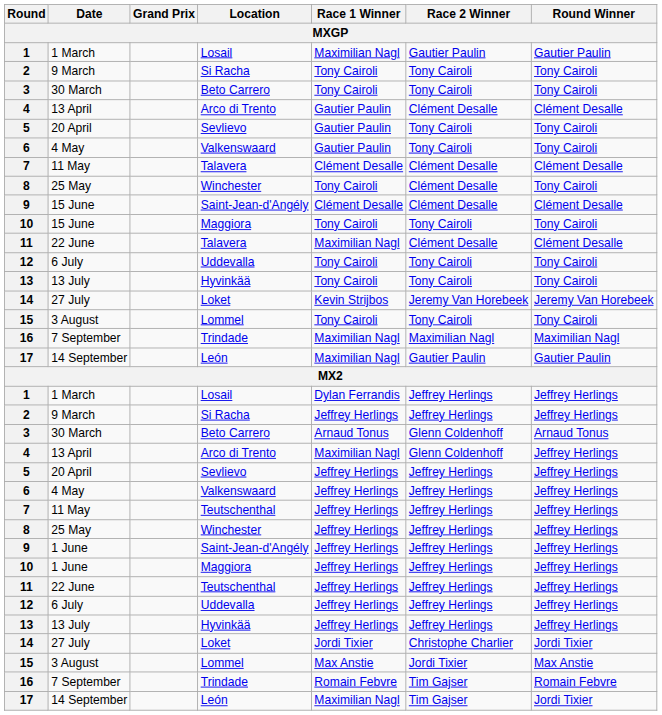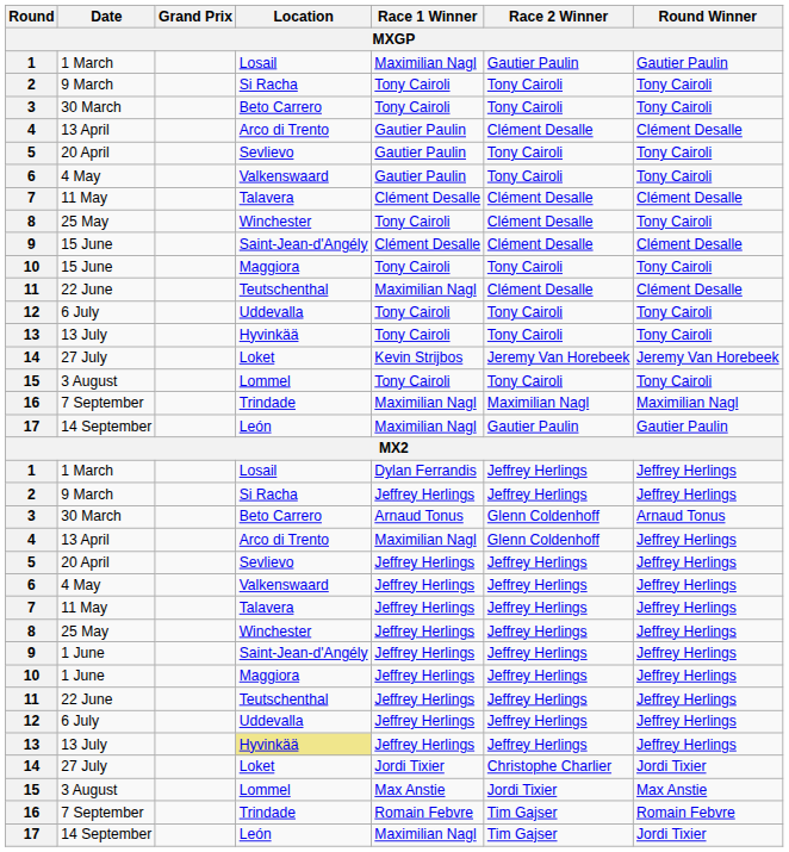 <table class="wikitable" style="font-size: 85%;">
 <tr>
 <th>Round</th>
 <th>Date</th>
 <th>Grand Prix</th>
 <th>Location</th>
 <th>Race 1 Winner</th>
 <th>Race 2 Winner</th>
 <th>Round Winner</th>
 </tr>
 <tr>
 <th colspan=7>MXGP</th>
 </tr>
 <tr>
 <th>1</th>
 <td>1 March</td>
 <td></td>
 <td><a href='#'>Losail</a></td>
 <td> <a href='#'>Maximilian Nagl</a></td>
 <td> <a href='#'>Gautier Paulin</a></td>
 <td> <a href='#'>Gautier Paulin</a></td>
 </tr>
 <tr>
 <th>2</th>
 <td>9 March</td>
 <td></td>
 <td><a href='#'>Si Racha</a></td>
 <td> <a href='#'>Tony Cairoli</a></td>
 <td> <a href='#'>Tony Cairoli</a></td>
 <td> <a href='#'>Tony Cairoli</a></td>
 </tr>
 <tr>
 <th>3</th>
 <td>30 March</td>
 <td></td>
 <td><a href='#'>Beto Carrero</a></td>
 <td> <a href='#'>Tony Cairoli</a></td>
 <td> <a href='#'>Tony Cairoli</a></td>
 <td> <a href='#'>Tony Cairoli</a></td>
 </tr>
 <tr>
 <th>4</th>
 <td>13 April</td>
 <td></td>
 <td><a href='#'>Arco di Trento</a></td>
 <td> <a href='#'>Gautier Paulin</a></td>
 <td> <a href='#'>Clément Desalle</a></td>
 <td> <a href='#'>Clément Desalle</a></td>
 </tr>
 <tr>
 <th>5</th>
 <td>20 April</td>
 <td></td>
 <td><a href='#'>Sevlievo</a></td>
 <td> <a href='#'>Gautier Paulin</a></td>
 <td> <a href='#'>Tony Cairoli</a></td>
 <td> <a href='#'>Tony Cairoli</a></td>
 </tr>
 <tr>
 <th>6</th>
 <td>4 May</td>
 <td></td>
 <td><a href='#'>Valkenswaard</a></td>
 <td> <a href='#'>Gautier Paulin</a></td>
 <td> <a href='#'>Tony Cairoli</a></td>
 <td> <a href='#'>Tony Cairoli</a></td>
 </tr>
 <tr>
 <th>7</th>
 <td>11 May</td>
 <td></td>
 <td><a href='#'>Talavera</a></td>
 <td> <a href='#'>Clément Desalle</a></td>
 <td> <a href='#'>Clément Desalle</a></td>
 <td> <a href='#'>Clément Desalle</a></td>
 </tr>
 <tr>
 <th>8</th>
 <td>25 May</td>
 <td></td>
 <td><a href='#'>Winchester</a></td>
 <td> <a href='#'>Tony Cairoli</a></td>
 <td> <a href='#'>Clément Desalle</a></td>
 <td> <a href='#'>Tony Cairoli</a></td>
 </tr>
 <tr>
 <th>9</th>
 <td>15 June</td>
 <td></td>
 <td><a href='#'>Saint-Jean-d'Angély</a></td>
 <td> <a href='#'>Clément Desalle</a></td>
 <td> <a href='#'>Clément Desalle</a></td>
 <td> <a href='#'>Clément Desalle</a></td>
 </tr>
 <tr>
 <th>10</th>
 <td>15 June</td>
 <td></td>
 <td><a href='#'>Maggiora</a></td>
 <td> <a href='#'>Tony Cairoli</a></td>
 <td> <a href='#'>Tony Cairoli</a></td>
 <td> <a href='#'>Tony Cairoli</a></td>
 </tr>
 <tr>
 <th>11</th>
 <td>22 June</td>
 <td></td>
-<td><a href='#'>Talavera</a></td>
+<td><a href='#'>Teutschenthal</a></td>
 <td> <a href='#'>Maximilian Nagl</a></td>
 <td> <a href='#'>Clément Desalle</a></td>
 <td> <a href='#'>Clément Desalle</a></td>
 </tr>
 <tr>
 <th>12</th>
 <td>6 July</td>
 <td></td>
 <td><a href='#'>Uddevalla</a></td>
 <td> <a href='#'>Tony Cairoli</a></td>
 <td> <a href='#'>Tony Cairoli</a></td>
 <td> <a href='#'>Tony Cairoli</a></td>
 </tr>
 <tr>
 <th>13</th>
 <td>13 July</td>
 <td></td>
 <td><a href='#'>Hyvinkää</a></td>
 <td> <a href='#'>Tony Cairoli</a></td>
 <td> <a href='#'>Tony Cairoli</a></td>
 <td> <a href='#'>Tony Cairoli</a></td>
 </tr>
 <tr>
 <th>14</th>
 <td>27 July</td>
 <td></td>
 <td><a href='#'>Loket</a></td>
 <td> <a href='#'>Kevin Strijbos</a></td>
 <td> <a href='#'>Jeremy Van Horebeek</a></td>
 <td> <a href='#'>Jeremy Van Horebeek</a></td>
 </tr>
 <tr>
 <th>15</th>
 <td>3 August</td>
 <td></td>
 <td><a href='#'>Lommel</a></td>
 <td> <a href='#'>Tony Cairoli</a></td>
 <td> <a href='#'>Tony Cairoli</a></td>
 <td> <a href='#'>Tony Cairoli</a></td>
 </tr>
 <tr>
 <th>16</th>
 <td>7 September</td>
 <td></td>
 <td><a href='#'>Trindade</a></td>
 <td> <a href='#'>Maximilian Nagl</a></td>
 <td> <a href='#'>Maximilian Nagl</a></td>
 <td> <a href='#'>Maximilian Nagl</a></td>
 </tr>
 <tr>
 <th>17</th>
 <td>14 September</td>
 <td></td>
 <td><a href='#'>León</a></td>
 <td> <a href='#'>Maximilian Nagl</a></td>
 <td> <a href='#'>Gautier Paulin</a></td>
 <td> <a href='#'>Gautier Paulin</a></td>
 </tr>
 <tr>
 <th colspan=7>MX2</th>
 </tr>
 <tr>
 <th>1</th>
 <td>1 March</td>
 <td></td>
 <td><a href='#'>Losail</a></td>
 <td> <a href='#'>Dylan Ferrandis</a></td>
 <td> <a href='#'>Jeffrey Herlings</a></td>
 <td> <a href='#'>Jeffrey Herlings</a></td>
 </tr>
 <tr>
 <th>2</th>
 <td>9 March</td>
 <td></td>
 <td><a href='#'>Si Racha</a></td>
 <td> <a href='#'>Jeffrey Herlings</a></td>
 <td> <a href='#'>Jeffrey Herlings</a></td>
 <td> <a href='#'>Jeffrey Herlings</a></td>
 </tr>
 <tr>
 <th>3</th>
 <td>30 March</td>
 <td></td>
 <td><a href='#'>Beto Carrero</a></td>
 <td> <a href='#'>Arnaud Tonus</a></td>
 <td> <a href='#'>Glenn Coldenhoff</a></td>
 <td> <a href='#'>Arnaud Tonus</a></td>
 </tr>
 <tr>
 <th>4</th>
 <td>13 April</td>
 <td></td>
 <td><a href='#'>Arco di Trento</a></td>
 <td> <a href='#'>Maximilian Nagl</a></td>
 <td> <a href='#'>Glenn Coldenhoff</a></td>
 <td> <a href='#'>Jeffrey Herlings</a></td>
 </tr>
 <tr>
 <th>5</th>
 <td>20 April</td>
 <td></td>
 <td><a href='#'>Sevlievo</a></td>
 <td> <a href='#'>Jeffrey Herlings</a></td>
 <td> <a href='#'>Jeffrey Herlings</a></td>
 <td> <a href='#'>Jeffrey Herlings</a></td>
 </tr>
 <tr>
 <th>6</th>
 <td>4 May</td>
 <td></td>
 <td><a href='#'>Valkenswaard</a></td>
 <td> <a href='#'>Jeffrey Herlings</a></td>
 <td> <a href='#'>Jeffrey Herlings</a></td>
 <td> <a href='#'>Jeffrey Herlings</a></td>
 </tr>
 <tr>
 <th>7</th>
 <td>11 May</td>
 <td></td>
-<td><a href='#'>Teutschenthal</a></td>
+<td><a href='#'>Talavera</a></td>
 <td> <a href='#'>Jeffrey Herlings</a></td>
 <td> <a href='#'>Jeffrey Herlings</a></td>
 <td> <a href='#'>Jeffrey Herlings</a></td>
 </tr>
 <tr>
 <th>8</th>
 <td>25 May</td>
 <td></td>
 <td><a href='#'>Winchester</a></td>
 <td> <a href='#'>Jeffrey Herlings</a></td>
 <td> <a href='#'>Jeffrey Herlings</a></td>
 <td> <a href='#'>Jeffrey Herlings</a></td>
 </tr>
 <tr>
 <th>9</th>
 <td>1 June</td>
 <td></td>
 <td><a href='#'>Saint-Jean-d'Angély</a></td>
 <td> <a href='#'>Jeffrey Herlings</a></td>
 <td> <a href='#'>Jeffrey Herlings</a></td>
 <td> <a href='#'>Jeffrey Herlings</a></td>
 </tr>
 <tr>
 <th>10</th>
 <td>1 June</td>
 <td></td>
 <td><a href='#'>Maggiora</a></td>
 <td> <a href='#'>Jeffrey Herlings</a></td>
 <td> <a href='#'>Jeffrey Herlings</a></td>
 <td> <a href='#'>Jeffrey Herlings</a></td>
 </tr>
 <tr>
 <th>11</th>
 <td>22 June</td>
 <td></td>
 <td><a href='#'>Teutschenthal</a></td>
 <td> <a href='#'>Jeffrey Herlings</a></td>
 <td> <a href='#'>Jeffrey Herlings</a></td>
 <td> <a href='#'>Jeffrey Herlings</a></td>
 </tr>
 <tr>
 <th>12</th>
 <td>6 July</td>
 <td></td>
 <td><a href='#'>Uddevalla</a></td>
 <td> <a href='#'>Jeffrey Herlings</a></td>
 <td> <a href='#'>Jeffrey Herlings</a></td>
 <td> <a href='#'>Jeffrey Herlings</a></td>
 </tr>
 <tr>
 <th>13</th>
 <td>13 July</td>
 <td></td>
-<td><a href='#'>Hyvinkää</a></td>
+<td style="background: khaki;"><a href='#'>Hyvinkää</a></td>
 <td> <a href='#'>Jeffrey Herlings</a></td>
 <td> <a href='#'>Jeffrey Herlings</a></td>
 <td> <a href='#'>Jeffrey Herlings</a></td>
 </tr>
 <tr>
 <th>14</th>
 <td>27 July</td>
 <td></td>
 <td><a href='#'>Loket</a></td>
 <td> <a href='#'>Jordi Tixier</a></td>
 <td> <a href='#'>Christophe Charlier</a></td>
 <td> <a href='#'>Jordi Tixier</a></td>
 </tr>
 <tr>
 <th>15</th>
 <td>3 August</td>
 <td></td>
 <td><a href='#'>Lommel</a></td>
 <td> <a href='#'>Max Anstie</a></td>
 <td> <a href='#'>Jordi Tixier</a></td>
 <td> <a href='#'>Max Anstie</a></td>
 </tr>
 <tr>
 <th>16</th>
 <td>7 September</td>
 <td></td>
 <td><a href='#'>Trindade</a></td>
 <td> <a href='#'>Romain Febvre</a></td>
 <td> <a href='#'>Tim Gajser</a></td>
 <td> <a href='#'>Romain Febvre</a></td>
 </tr>
 <tr>
 <th>17</th>
 <td>14 September</td>
 <td></td>
 <td><a href='#'>León</a></td>
 <td> <a href='#'>Maximilian Nagl</a></td>
 <td> <a href='#'>Tim Gajser</a></td>
 <td> <a href='#'>Jordi Tixier</a></td>
 </tr>
 </table>
